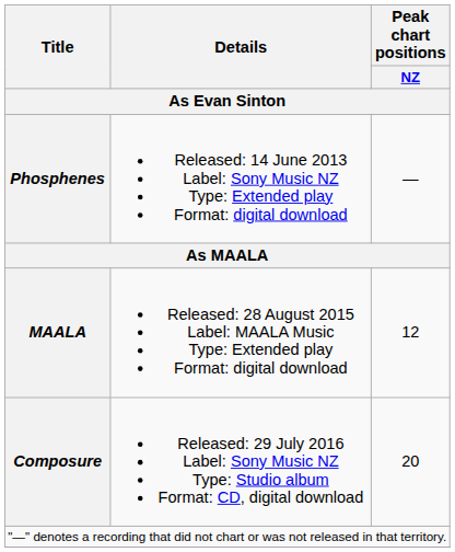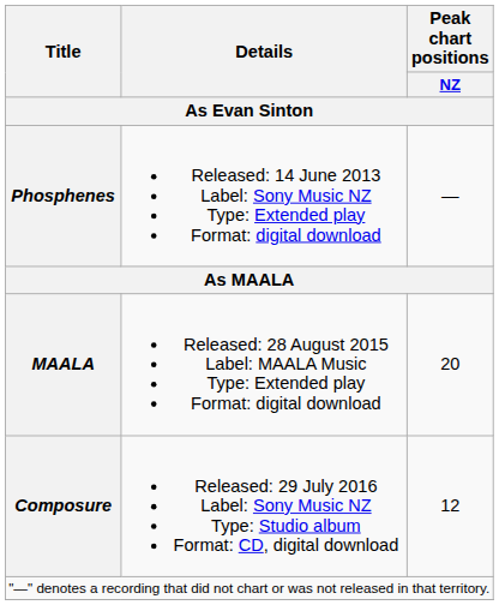 <table class="wikitable plainrowheaders" style="text-align:center;">
 <tr>
 <th scope="col" rowspan="2">Title</th>
 <th scope="col" rowspan="2">Details</th>
 <th scope="col" colspan="1">Peak chart positions</th>
 </tr>
 <tr>
 <th scope="col" style="width:3em;font-size:90%;"><a href='#'>NZ</a><br></th>
 </tr>
 <tr>
 <th colspan="4">As Evan Sinton</th>
 </tr>
 <tr>
 <th scope="row"><em>Phosphenes</em></th>
 <td><br><ul><li>Released: 14 June 2013</li><li>Label: <a href='#'>Sony Music NZ</a></li><li>Type: <a href='#'>Extended play</a></li><li>Format: <a href='#'>digital download</a></li></ul></td>
 <td align="center">—</td>
 </tr>
 <tr>
 <th colspan="4">As MAALA</th>
 </tr>
 <tr>
 <th scope="row"><em>MAALA</em></th>
 <td><br><ul><li>Released: 28 August 2015</li><li>Label: MAALA Music</li><li>Type: Extended play</li><li>Format: digital download</li></ul></td>
-<td>12</td>
+<td>20</td>
 </tr>
 <tr>
 <th scope="row"><em>Composure</em></th>
 <td><br><ul><li>Released: 29 July 2016</li><li>Label: <a href='#'>Sony Music NZ</a></li><li>Type: <a href='#'>Studio album</a></li><li>Format: <a href='#'>CD</a>, digital download</li></ul></td>
-<td>20</td>
+<td>12</td>
 </tr>
 <tr>
 <td colspan="4" style="font-size:80%" align="center">"—" denotes a recording that did not chart or was not released in that territory.</td>
 </tr>
 <tr>
 </tr>
 </table>
